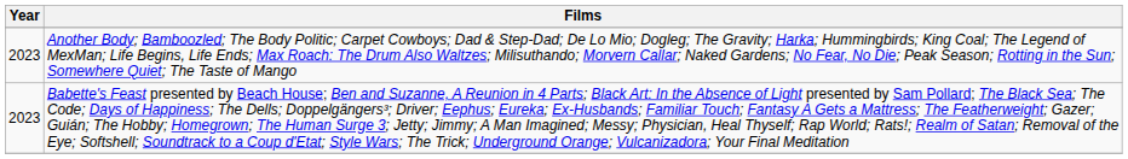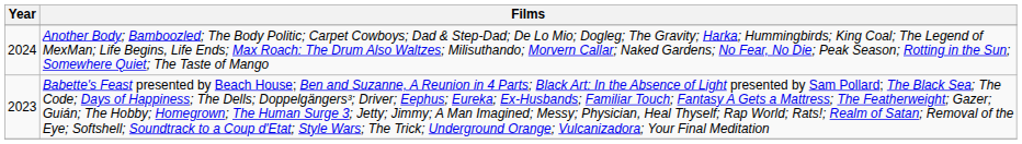 <table class="wikitable" border="1">
 <tr>
 <th>Year</th>
 <th>Films</th>
 </tr>
 <tr>
 </tr>
 <tr>
-<td>2023</td>
+<td>2024</td>
 <td><em><a href='#'>Another Body</a>; <a href='#'>Bamboozled</a>; The Body Politic; Carpet Cowboys; Dad & Step-Dad; De Lo Mio; Dogleg; The Gravity; <a href='#'>Harka</a>; Hummingbirds; King Coal; The Legend of MexMan; Life Begins, Life Ends; <a href='#'>Max Roach: The Drum Also Waltzes</a>; Milisuthando; <a href='#'>Morvern Callar</a>; Naked Gardens; <a href='#'>No Fear, No Die</a>; Peak Season; <a href='#'>Rotting in the Sun</a>; <a href='#'>Somewhere Quiet</a>; The Taste of Mango</em></td>
 </tr>
 <tr>
 <td>2023</td>
 <td><em><a href='#'>Babette's Feast</a></em> presented by <a href='#'>Beach House</a>; <em><a href='#'>Ben and Suzanne, A Reunion in 4 Parts</a>; <a href='#'>Black Art: In the Absence of Light</a></em> presented by <a href='#'>Sam Pollard</a>; <em><a href='#'>The Black Sea</a>; The Code; <a href='#'>Days of Happiness</a>; The Dells; Doppelgängers³; Driver; <a href='#'>Eephus</a>; <a href='#'>Eureka</a>; <a href='#'>Ex-Husbands</a>; <a href='#'>Familiar Touch</a>; <a href='#'>Fantasy A Gets a Mattress</a>; <a href='#'>The Featherweight</a>; Gazer; Guián; The Hobby; <a href='#'>Homegrown</a>; <a href='#'>The Human Surge 3</a>; Jetty; Jimmy; A Man Imagined; Messy; Physician, Heal Thyself; Rap World; Rats!; <a href='#'>Realm of Satan</a>; Removal of the Eye; Softshell; <a href='#'>Soundtrack to a Coup d'Etat</a>; <a href='#'>Style Wars</a>; The Trick; <a href='#'>Underground Orange</a>; <a href='#'>Vulcanizadora</a>; Your Final Meditation</em></td>
 </tr>
 <tr>
 </tr>
 </table>
